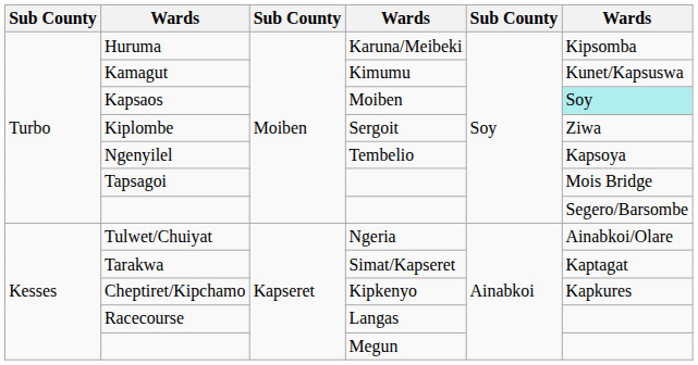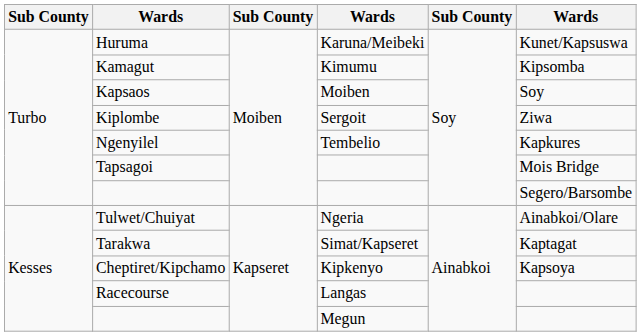 <table class="wikitable mw-collapsible mw-collapsed">
 <tr>
 <th>Sub County</th>
 <th>Wards</th>
 <th>Sub County</th>
 <th>Wards</th>
 <th>Sub County</th>
 <th>Wards</th>
 </tr>
 <tr>
 <td rowspan="7">Turbo</td>
 <td>Huruma</td>
 <td rowspan="7">Moiben</td>
 <td>Karuna/Meibeki</td>
 <td rowspan="7">Soy</td>
-<td>Kipsomba</td>
+<td>Kunet/Kapsuswa</td>
 </tr>
 <tr>
 <td>Kamagut</td>
 <td>Kimumu</td>
-<td>Kunet/Kapsuswa</td>
+<td>Kipsomba</td>
 </tr>
 <tr>
 <td>Kapsaos</td>
 <td>Moiben</td>
-<td style="background: paleturquoise;">Soy</td>
+<td>Soy</td>
 </tr>
 <tr>
 <td>Kiplombe</td>
 <td>Sergoit</td>
 <td>Ziwa</td>
 </tr>
 <tr>
 <td>Ngenyilel</td>
 <td>Tembelio</td>
-<td>Kapsoya</td>
+<td>Kapkures</td>
 </tr>
 <tr>
 <td>Tapsagoi</td>
 <td></td>
 <td>Mois Bridge</td>
 </tr>
 <tr>
 <td></td>
 <td></td>
 <td>Segero/Barsombe</td>
 </tr>
 <tr>
 <td rowspan="5">Kesses</td>
 <td>Tulwet/Chuiyat</td>
 <td rowspan="5">Kapseret</td>
 <td>Ngeria</td>
 <td rowspan="5">Ainabkoi</td>
 <td>Ainabkoi/Olare</td>
 </tr>
 <tr>
 <td>Tarakwa</td>
 <td>Simat/Kapseret</td>
 <td>Kaptagat</td>
 </tr>
 <tr>
 <td>Cheptiret/Kipchamo</td>
 <td>Kipkenyo</td>
-<td>Kapkures</td>
+<td>Kapsoya</td>
 </tr>
 <tr>
 <td>Racecourse</td>
 <td>Langas</td>
 <td></td>
 </tr>
 <tr>
 <td></td>
 <td>Megun</td>
 <td></td>
 </tr>
 </table>
